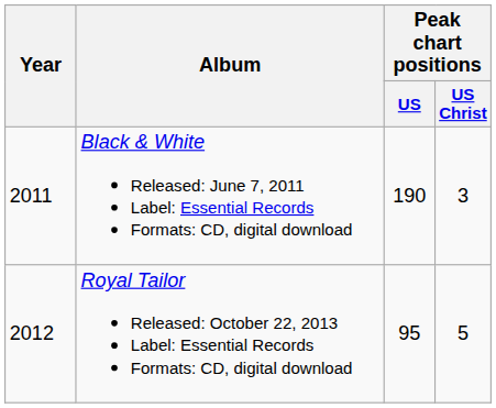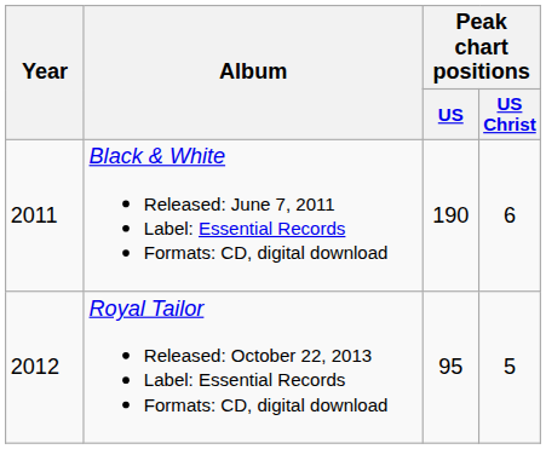 <table class="wikitable">
 <tr>
 <th rowspan="2" style="width:50px;">Year</th>
 <th rowspan="2" style="width:15em;">Album</th>
 <th colspan="2">Peak chart positions</th>
 </tr>
 <tr style="font-size:smaller;">
 <th style="width:35px;"><a href='#'>US</a></th>
 <th style="width:35px;"><a href='#'>US Christ</a></th>
 </tr>
 <tr>
 <td>2011</td>
 <td><em><a href='#'>Black & White</a></em><br><ul><li><small>Released: June 7, 2011</small></li><li><small>Label: <a href='#'>Essential Records</a></small></li><li><small>Formats: CD, digital download</small></li></ul></td>
 <td style="text-align:center;">190</td>
-<td style="text-align:center;">3</td>
+<td style="text-align:center;">6</td>
 </tr>
 <tr>
 <td>2012</td>
 <td><em><a href='#'>Royal Tailor</a></em><br><ul><li><small>Released: October 22, 2013</small></li><li><small>Label: Essential Records</small></li><li><small>Formats: CD, digital download</small></li></ul></td>
 <td style="text-align:center;">95</td>
 <td style="text-align:center;">5</td>
 </tr>
 </table>
